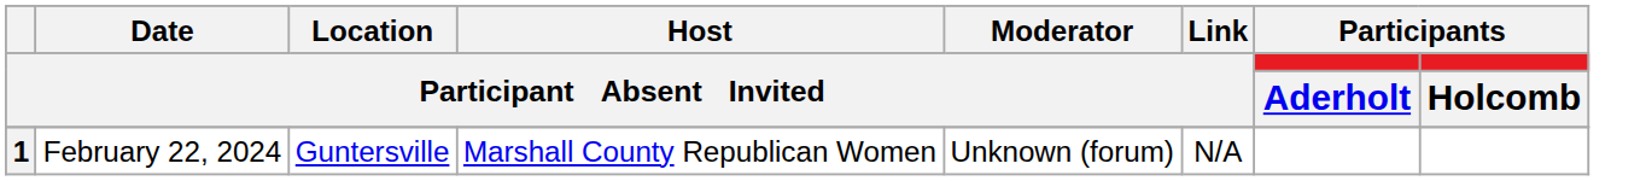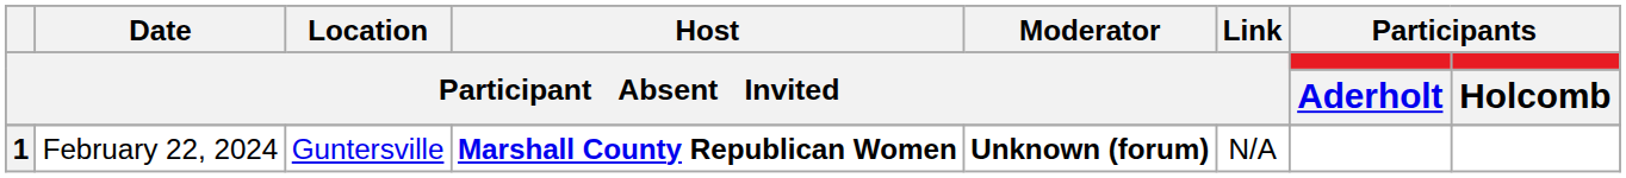 <table class="wikitable" style="text-align:center;">
 <tr style="font-size:small;">
 <th scope="col"></th>
 <th scope="col">Date</th>
 <th scope="col">Location</th>
 <th scope="col">Host</th>
 <th scope="col">Moderator</th>
 <th scope="col">Link</th>
 <th scope="col" colspan="2">Participants</th>
 </tr>
 <tr>
 <th colspan="6" rowspan="2"> <small>Participant  </small> <small>Absent  </small> <small>Invited  </small></th>
 <th scope="col" style="background:#E81B23;"></th>
 <th scope="col" style="background:#E81B23;"></th>
 </tr>
 <tr>
 <th scope="col"><a href='#'>Aderholt</a></th>
 <th scope="col">Holcomb</th>
 </tr>
 <tr>
 </tr>
 <tr style="background:#FFFFFF;font-size:small;">
 <th scope="row">1</th>
 <td style="white-space:nowrap;">February 22, 2024</td>
 <td style="white-space:nowrap;"><a href='#'>Guntersville</a></td>
-<td style="white-space:nowrap;"><a href='#'>Marshall County</a> Republican Women</td>
-<td style="white-space:nowrap;">Unknown (forum)</td>
+<td style="white-space:nowrap;"><strong><a href='#'>Marshall County</a> Republican Women</strong></td>
+<td style="white-space:nowrap;"><strong>Unknown (forum)</strong></td>
 <td style="white-space:nowrap;">N/A</td>
 <td></td>
 <td></td>
 </tr>
 </table>
